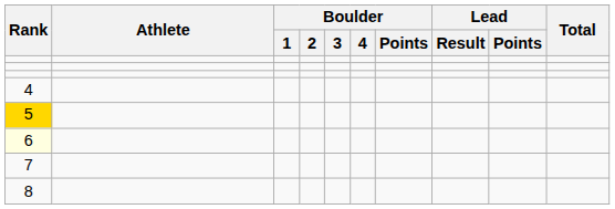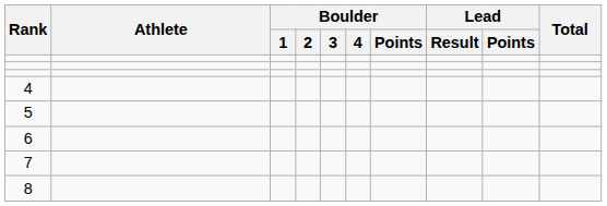 <table class="wikitable" style="text-align:center">
 <tr>
 <th rowspan=2 width=40>Rank</th>
 <th rowspan=2 width=250>Athlete</th>
 <th colspan=5>Boulder</th>
 <th colspan=2>Lead</th>
 <th rowspan=2 width=60>Total</th>
 </tr>
 <tr>
 <th width=20>1</th>
 <th width=20>2</th>
 <th width=20>3</th>
 <th width=20>4</th>
 <th width=50>Points</th>
 <th width=50>Result</th>
 <th width=50>Points</th>
 </tr>
 <tr>
 <td></td>
 <td align=left></td>
 <td></td>
 <td></td>
 <td></td>
 <td></td>
 <td></td>
 <td></td>
 <td></td>
 <td></td>
 </tr>
 <tr>
 <td></td>
 <td align=left></td>
 <td></td>
 <td></td>
 <td></td>
 <td></td>
 <td></td>
 <td></td>
 <td></td>
 <td></td>
 </tr>
 <tr>
 <td></td>
 <td align=left></td>
 <td></td>
 <td></td>
 <td></td>
 <td></td>
 <td></td>
 <td></td>
 <td></td>
 <td></td>
 </tr>
 <tr>
 <td>4</td>
 <td align=left></td>
 <td></td>
 <td></td>
 <td></td>
 <td></td>
 <td></td>
 <td></td>
 <td></td>
 <td></td>
 </tr>
 <tr>
-<td style="background: gold;">5</td>
+<td>5</td>
 <td align=left></td>
 <td></td>
 <td></td>
 <td></td>
 <td></td>
 <td></td>
 <td></td>
 <td></td>
 <td></td>
 </tr>
 <tr>
-<td style="background: lightyellow;">6</td>
+<td>6</td>
 <td align=left></td>
 <td></td>
 <td></td>
 <td></td>
 <td></td>
 <td></td>
 <td></td>
 <td></td>
 <td></td>
 </tr>
 <tr>
 <td>7</td>
 <td align=left></td>
 <td></td>
 <td></td>
 <td></td>
 <td></td>
 <td></td>
 <td></td>
 <td></td>
 <td></td>
 </tr>
 <tr>
 <td>8</td>
 <td align=left></td>
 <td></td>
 <td></td>
 <td></td>
 <td></td>
 <td></td>
 <td></td>
 <td></td>
 <td></td>
 </tr>
 </table>
